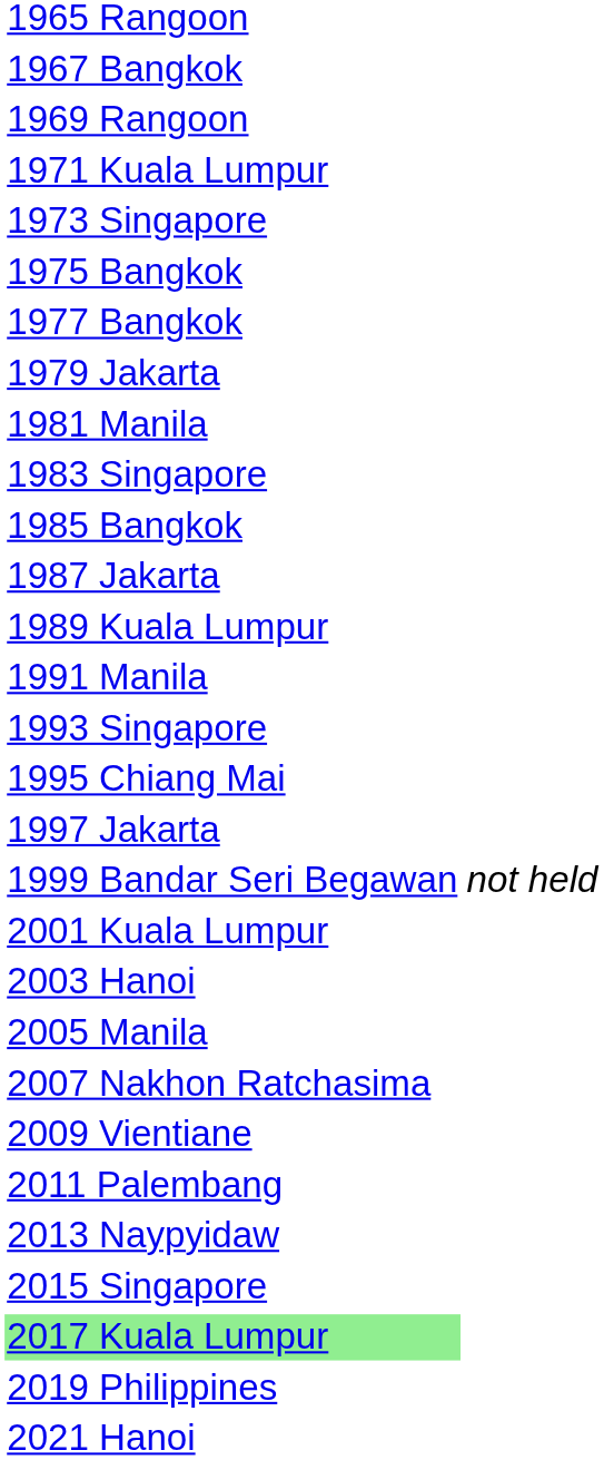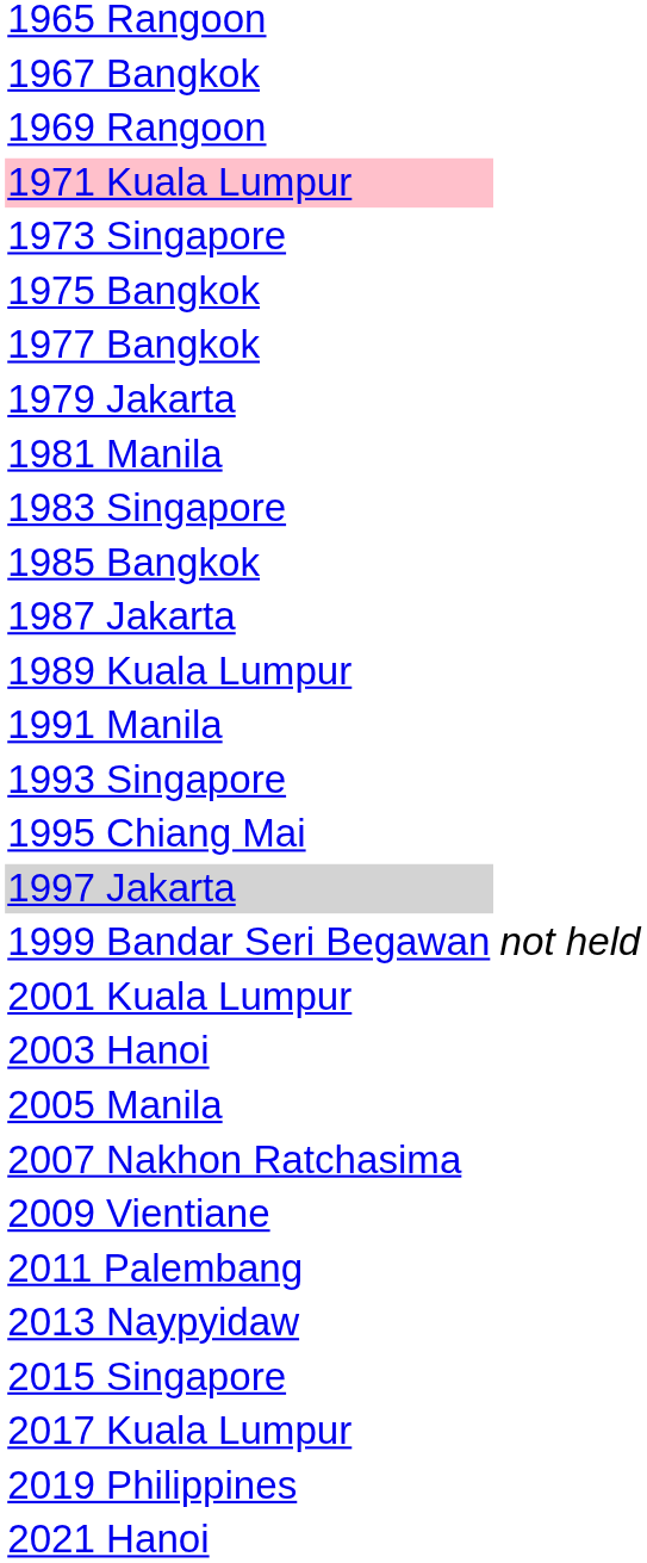 <table>
 <tr>
 <td><a href='#'>1965 Rangoon</a></td>
 <td></td>
 <td></td>
 <td></td>
 </tr>
 <tr>
 <td><a href='#'>1967 Bangkok</a></td>
 <td></td>
 <td></td>
 <td></td>
 </tr>
 <tr>
 <td><a href='#'>1969 Rangoon</a></td>
 <td></td>
 <td></td>
 <td></td>
 </tr>
 <tr>
-<td><a href='#'>1971 Kuala Lumpur</a></td>
+<td style="background: pink;"><a href='#'>1971 Kuala Lumpur</a></td>
 <td></td>
 <td></td>
 <td></td>
 </tr>
 <tr>
 <td><a href='#'>1973 Singapore</a></td>
 <td></td>
 <td></td>
 <td></td>
 </tr>
 <tr>
 <td><a href='#'>1975 Bangkok</a></td>
 <td></td>
 <td></td>
 <td></td>
 </tr>
 <tr>
 <td><a href='#'>1977 Bangkok</a></td>
 <td></td>
 <td></td>
 <td></td>
 </tr>
 <tr>
 <td><a href='#'>1979 Jakarta</a></td>
 <td></td>
 <td></td>
 <td></td>
 </tr>
 <tr>
 <td><a href='#'>1981 Manila</a></td>
 <td></td>
 <td></td>
 <td></td>
 </tr>
 <tr>
 <td><a href='#'>1983 Singapore</a></td>
 <td></td>
 <td></td>
 <td></td>
 </tr>
 <tr>
 <td><a href='#'>1985 Bangkok</a></td>
 <td></td>
 <td></td>
 <td></td>
 </tr>
 <tr>
 <td><a href='#'>1987 Jakarta</a></td>
 <td></td>
 <td></td>
 <td></td>
 </tr>
 <tr>
 <td><a href='#'>1989 Kuala Lumpur</a></td>
 <td></td>
 <td></td>
 <td></td>
 </tr>
 <tr>
 <td><a href='#'>1991 Manila</a></td>
 <td></td>
 <td></td>
 <td></td>
 </tr>
 <tr>
 <td><a href='#'>1993 Singapore</a></td>
 <td></td>
 <td></td>
 <td></td>
 </tr>
 <tr>
 <td><a href='#'>1995 Chiang Mai</a></td>
 <td></td>
 <td></td>
 <td></td>
 </tr>
 <tr>
-<td><a href='#'>1997 Jakarta</a></td>
+<td style="background: lightgrey;"><a href='#'>1997 Jakarta</a></td>
 <td></td>
 <td></td>
 <td></td>
 </tr>
 <tr>
 <td><a href='#'>1999 Bandar Seri Begawan</a></td>
 <td colspan=3><em>not held</em></td>
 </tr>
 <tr>
 <td><a href='#'>2001 Kuala Lumpur</a></td>
 <td></td>
 <td></td>
 <td></td>
 </tr>
 <tr>
 <td><a href='#'>2003 Hanoi</a></td>
 <td></td>
 <td></td>
 <td></td>
 </tr>
 <tr>
 <td><a href='#'>2005 Manila</a></td>
 <td></td>
 <td></td>
 <td></td>
 </tr>
 <tr>
 <td><a href='#'>2007 Nakhon Ratchasima</a></td>
 <td></td>
 <td></td>
 <td></td>
 </tr>
 <tr>
 <td><a href='#'>2009 Vientiane</a></td>
 <td></td>
 <td></td>
 <td></td>
 </tr>
 <tr>
 <td><a href='#'>2011 Palembang</a></td>
 <td></td>
 <td></td>
 <td></td>
 </tr>
 <tr>
 <td><a href='#'>2013 Naypyidaw</a></td>
 <td></td>
 <td></td>
 <td></td>
 </tr>
 <tr>
 <td><a href='#'>2015 Singapore</a></td>
 <td></td>
 <td></td>
 <td></td>
 </tr>
 <tr>
-<td style="background: lightgreen;"><a href='#'>2017 Kuala Lumpur</a></td>
+<td><a href='#'>2017 Kuala Lumpur</a></td>
 <td></td>
 <td></td>
 <td></td>
 </tr>
 <tr>
 <td><a href='#'>2019 Philippines</a></td>
 <td></td>
 <td></td>
 <td></td>
 </tr>
 <tr>
 <td><a href='#'>2021 Hanoi</a></td>
 <td></td>
 <td></td>
 <td></td>
 </tr>
 <tr>
 </tr>
 </table>
